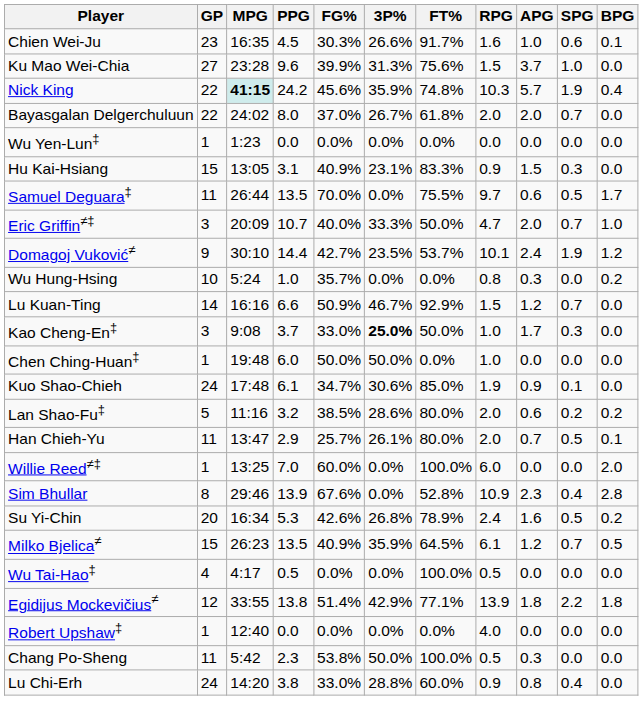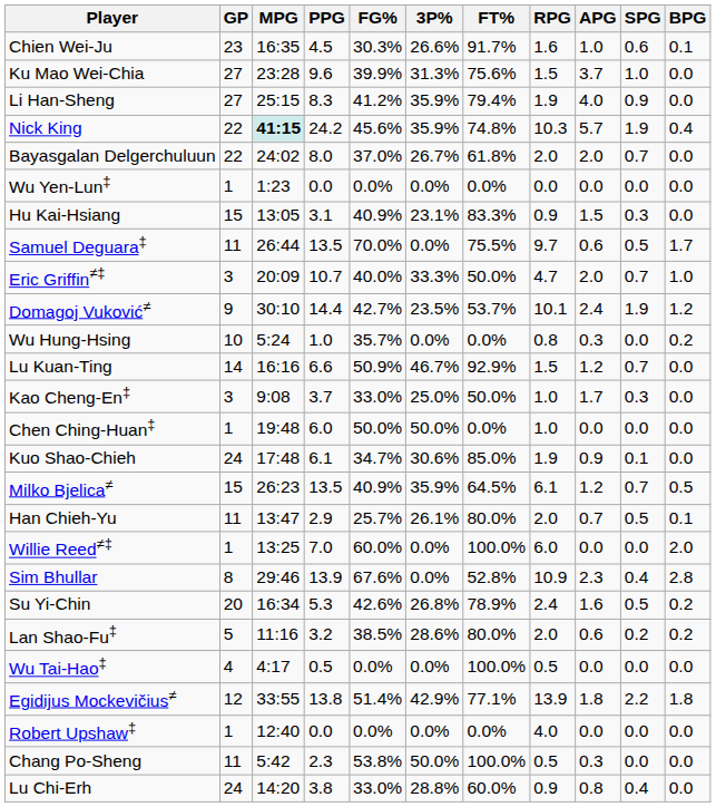 <table class="wikitable">
 <tr>
 <th>Player</th>
 <th>GP</th>
 <th>MPG</th>
 <th>PPG</th>
 <th>FG%</th>
 <th>3P%</th>
 <th>FT%</th>
 <th>RPG</th>
 <th>APG</th>
 <th>SPG</th>
 <th>BPG</th>
 </tr>
 <tr>
 <td>Chien Wei-Ju</td>
 <td>23</td>
 <td>16:35</td>
 <td>4.5</td>
 <td>30.3%</td>
 <td>26.6%</td>
 <td>91.7%</td>
 <td>1.6</td>
 <td>1.0</td>
 <td>0.6</td>
 <td>0.1</td>
 </tr>
 <tr>
 <td>Ku Mao Wei-Chia</td>
 <td>27</td>
 <td>23:28</td>
 <td>9.6</td>
 <td>39.9%</td>
 <td>31.3%</td>
 <td>75.6%</td>
 <td>1.5</td>
 <td>3.7</td>
 <td>1.0</td>
+<td>0.0</td>
+</tr>
+<tr>
+<td>Li Han-Sheng</td>
+<td>27</td>
+<td>25:15</td>
+<td>8.3</td>
+<td>41.2%</td>
+<td>35.9%</td>
+<td>79.4%</td>
+<td>1.9</td>
+<td>4.0</td>
+<td>0.9</td>
 <td>0.0</td>
 </tr>
 <tr>
 <td><a href='#'>Nick King</a></td>
 <td>22</td>
 <td style="background-color: #CFECEC"><strong>41:15</strong></td>
 <td>24.2</td>
 <td>45.6%</td>
 <td>35.9%</td>
 <td>74.8%</td>
 <td>10.3</td>
 <td>5.7</td>
 <td>1.9</td>
 <td>0.4</td>
 </tr>
 <tr>
 <td>Bayasgalan Delgerchuluun</td>
 <td>22</td>
 <td>24:02</td>
 <td>8.0</td>
 <td>37.0%</td>
 <td>26.7%</td>
 <td>61.8%</td>
 <td>2.0</td>
 <td>2.0</td>
 <td>0.7</td>
 <td>0.0</td>
 </tr>
 <tr>
 <td>Wu Yen-Lun<sup>‡</sup></td>
 <td>1</td>
 <td>1:23</td>
 <td>0.0</td>
 <td>0.0%</td>
 <td>0.0%</td>
 <td>0.0%</td>
 <td>0.0</td>
 <td>0.0</td>
 <td>0.0</td>
 <td>0.0</td>
 </tr>
 <tr>
 <td>Hu Kai-Hsiang</td>
 <td>15</td>
 <td>13:05</td>
 <td>3.1</td>
 <td>40.9%</td>
 <td>23.1%</td>
 <td>83.3%</td>
 <td>0.9</td>
 <td>1.5</td>
 <td>0.3</td>
 <td>0.0</td>
 </tr>
 <tr>
 <td><a href='#'>Samuel Deguara</a><sup>‡</sup></td>
 <td>11</td>
 <td>26:44</td>
 <td>13.5</td>
 <td>70.0%</td>
 <td>0.0%</td>
 <td>75.5%</td>
 <td>9.7</td>
 <td>0.6</td>
 <td>0.5</td>
 <td>1.7</td>
 </tr>
 <tr>
 <td><a href='#'>Eric Griffin</a><sup>≠‡</sup></td>
 <td>3</td>
 <td>20:09</td>
 <td>10.7</td>
 <td>40.0%</td>
 <td>33.3%</td>
 <td>50.0%</td>
 <td>4.7</td>
 <td>2.0</td>
 <td>0.7</td>
 <td>1.0</td>
 </tr>
 <tr>
 <td><a href='#'>Domagoj Vuković</a><sup>≠</sup></td>
 <td>9</td>
 <td>30:10</td>
 <td>14.4</td>
 <td>42.7%</td>
 <td>23.5%</td>
 <td>53.7%</td>
 <td>10.1</td>
 <td>2.4</td>
 <td>1.9</td>
 <td>1.2</td>
 </tr>
 <tr>
 <td>Wu Hung-Hsing</td>
 <td>10</td>
 <td>5:24</td>
 <td>1.0</td>
 <td>35.7%</td>
 <td>0.0%</td>
 <td>0.0%</td>
 <td>0.8</td>
 <td>0.3</td>
 <td>0.0</td>
 <td>0.2</td>
 </tr>
 <tr>
 <td>Lu Kuan-Ting</td>
 <td>14</td>
 <td>16:16</td>
 <td>6.6</td>
 <td>50.9%</td>
 <td>46.7%</td>
 <td>92.9%</td>
 <td>1.5</td>
 <td>1.2</td>
 <td>0.7</td>
 <td>0.0</td>
 </tr>
 <tr>
 <td>Kao Cheng-En<sup>‡</sup></td>
 <td>3</td>
 <td>9:08</td>
 <td>3.7</td>
 <td>33.0%</td>
-<td><strong>25.0%</strong></td>
+<td>25.0%</td>
 <td>50.0%</td>
 <td>1.0</td>
 <td>1.7</td>
 <td>0.3</td>
 <td>0.0</td>
 </tr>
 <tr>
 <td>Chen Ching-Huan<sup>‡</sup></td>
 <td>1</td>
 <td>19:48</td>
 <td>6.0</td>
 <td>50.0%</td>
 <td>50.0%</td>
 <td>0.0%</td>
 <td>1.0</td>
 <td>0.0</td>
 <td>0.0</td>
 <td>0.0</td>
 </tr>
 <tr>
 <td>Kuo Shao-Chieh</td>
 <td>24</td>
 <td>17:48</td>
 <td>6.1</td>
 <td>34.7%</td>
 <td>30.6%</td>
 <td>85.0%</td>
 <td>1.9</td>
 <td>0.9</td>
 <td>0.1</td>
 <td>0.0</td>
 </tr>
 <tr>
-<td>Lan Shao-Fu<sup>‡</sup></td>
-<td>5</td>
-<td>11:16</td>
-<td>3.2</td>
-<td>38.5%</td>
-<td>28.6%</td>
-<td>80.0%</td>
-<td>2.0</td>
-<td>0.6</td>
-<td>0.2</td>
-<td>0.2</td>
+<td><a href='#'>Milko Bjelica</a><sup>≠</sup></td>
+<td>15</td>
+<td>26:23</td>
+<td>13.5</td>
+<td>40.9%</td>
+<td>35.9%</td>
+<td>64.5%</td>
+<td>6.1</td>
+<td>1.2</td>
+<td>0.7</td>
+<td>0.5</td>
 </tr>
 <tr>
 <td>Han Chieh-Yu</td>
 <td>11</td>
 <td>13:47</td>
 <td>2.9</td>
 <td>25.7%</td>
 <td>26.1%</td>
 <td>80.0%</td>
 <td>2.0</td>
 <td>0.7</td>
 <td>0.5</td>
 <td>0.1</td>
 </tr>
 <tr>
 <td><a href='#'>Willie Reed</a><sup>≠‡</sup></td>
 <td>1</td>
 <td>13:25</td>
 <td>7.0</td>
 <td>60.0%</td>
 <td>0.0%</td>
 <td>100.0%</td>
 <td>6.0</td>
 <td>0.0</td>
 <td>0.0</td>
 <td>2.0</td>
 </tr>
 <tr>
 <td><a href='#'>Sim Bhullar</a></td>
 <td>8</td>
 <td>29:46</td>
 <td>13.9</td>
 <td>67.6%</td>
 <td>0.0%</td>
 <td>52.8%</td>
 <td>10.9</td>
 <td>2.3</td>
 <td>0.4</td>
 <td>2.8</td>
 </tr>
 <tr>
 <td>Su Yi-Chin</td>
 <td>20</td>
 <td>16:34</td>
 <td>5.3</td>
 <td>42.6%</td>
 <td>26.8%</td>
 <td>78.9%</td>
 <td>2.4</td>
 <td>1.6</td>
 <td>0.5</td>
 <td>0.2</td>
 </tr>
 <tr>
-<td><a href='#'>Milko Bjelica</a><sup>≠</sup></td>
-<td>15</td>
-<td>26:23</td>
-<td>13.5</td>
-<td>40.9%</td>
-<td>35.9%</td>
-<td>64.5%</td>
-<td>6.1</td>
-<td>1.2</td>
-<td>0.7</td>
-<td>0.5</td>
+<td>Lan Shao-Fu<sup>‡</sup></td>
+<td>5</td>
+<td>11:16</td>
+<td>3.2</td>
+<td>38.5%</td>
+<td>28.6%</td>
+<td>80.0%</td>
+<td>2.0</td>
+<td>0.6</td>
+<td>0.2</td>
+<td>0.2</td>
 </tr>
 <tr>
 <td><a href='#'>Wu Tai-Hao</a><sup>‡</sup></td>
 <td>4</td>
 <td>4:17</td>
 <td>0.5</td>
 <td>0.0%</td>
 <td>0.0%</td>
 <td>100.0%</td>
 <td>0.5</td>
 <td>0.0</td>
 <td>0.0</td>
 <td>0.0</td>
 </tr>
 <tr>
 <td><a href='#'>Egidijus Mockevičius</a><sup>≠</sup></td>
 <td>12</td>
 <td>33:55</td>
 <td>13.8</td>
 <td>51.4%</td>
 <td>42.9%</td>
 <td>77.1%</td>
 <td>13.9</td>
 <td>1.8</td>
 <td>2.2</td>
 <td>1.8</td>
 </tr>
 <tr>
 <td><a href='#'>Robert Upshaw</a><sup>‡</sup></td>
 <td>1</td>
 <td>12:40</td>
 <td>0.0</td>
 <td>0.0%</td>
 <td>0.0%</td>
 <td>0.0%</td>
 <td>4.0</td>
 <td>0.0</td>
 <td>0.0</td>
 <td>0.0</td>
 </tr>
 <tr>
 <td>Chang Po-Sheng</td>
 <td>11</td>
 <td>5:42</td>
 <td>2.3</td>
 <td>53.8%</td>
 <td>50.0%</td>
 <td>100.0%</td>
 <td>0.5</td>
 <td>0.3</td>
 <td>0.0</td>
 <td>0.0</td>
 </tr>
 <tr>
 <td>Lu Chi-Erh</td>
 <td>24</td>
 <td>14:20</td>
 <td>3.8</td>
 <td>33.0%</td>
 <td>28.8%</td>
 <td>60.0%</td>
 <td>0.9</td>
 <td>0.8</td>
 <td>0.4</td>
 <td>0.0</td>
 </tr>
 </table>
